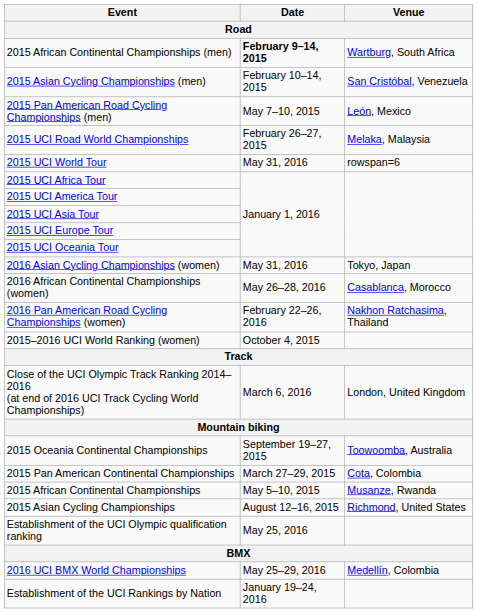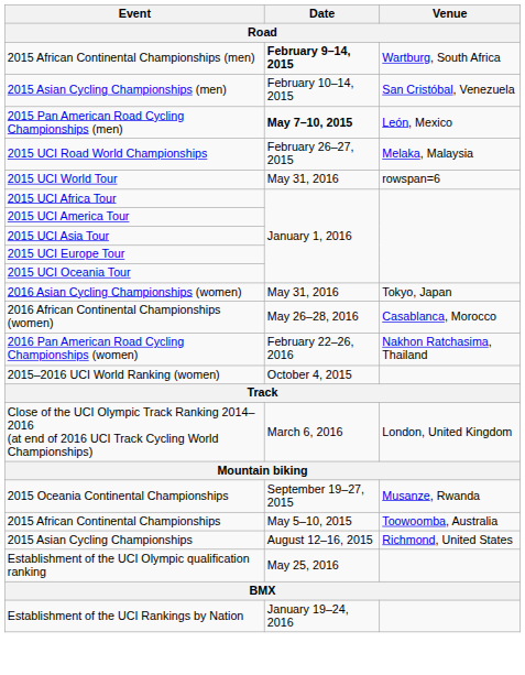 <table class="wikitable" style="width:700px;">
 <tr>
 <th>Event</th>
 <th>Date</th>
 <th>Venue</th>
 </tr>
 <tr>
 <th colspan=3>Road</th>
 </tr>
 <tr>
 <td>2015 African Continental Championships (men)</td>
 <td><strong>February 9–14, 2015</strong></td>
 <td> <a href='#'>Wartburg</a>, South Africa</td>
 </tr>
 <tr>
 <td><a href='#'>2015 Asian Cycling Championships</a> (men)</td>
 <td>February 10–14, 2015</td>
 <td> <a href='#'>San Cristóbal</a>, Venezuela</td>
 </tr>
 <tr>
 <td><a href='#'>2015 Pan American Road Cycling Championships</a> (men)</td>
-<td>May 7–10, 2015</td>
+<td><strong>May 7–10, 2015</strong></td>
 <td> <a href='#'>León</a>, Mexico</td>
 </tr>
 <tr>
 <td><a href='#'>2015 UCI Road World Championships</a></td>
 <td>February 26–27, 2015</td>
 <td> <a href='#'>Melaka</a>, Malaysia</td>
 </tr>
 <tr>
 <td><a href='#'>2015 UCI World Tour</a></td>
 <td>May 31, 2016</td>
 <td>rowspan=6 </td>
 </tr>
 <tr>
 <td><a href='#'>2015 UCI Africa Tour</a></td>
 <td rowspan=5>January 1, 2016</td>
 </tr>
 <tr>
 <td><a href='#'>2015 UCI America Tour</a></td>
 </tr>
 <tr>
 <td><a href='#'>2015 UCI Asia Tour</a></td>
 </tr>
 <tr>
 <td><a href='#'>2015 UCI Europe Tour</a></td>
 </tr>
 <tr>
 <td><a href='#'>2015 UCI Oceania Tour</a></td>
 </tr>
 <tr>
 <td><a href='#'>2016 Asian Cycling Championships</a> (women)</td>
 <td>May 31, 2016</td>
 <td> Tokyo, Japan</td>
 </tr>
 <tr>
 <td>2016 African Continental Championships (women)</td>
 <td>May 26–28, 2016</td>
 <td> <a href='#'>Casablanca</a>, Morocco</td>
 </tr>
 <tr>
 <td><a href='#'>2016 Pan American Road Cycling Championships</a> (women)</td>
 <td>February 22–26, 2016</td>
 <td> <a href='#'>Nakhon Ratchasima</a>, Thailand</td>
 </tr>
 <tr>
 <td>2015–2016 UCI World Ranking (women)</td>
 <td>October 4, 2015</td>
 <td></td>
 </tr>
 <tr>
 <th colspan=3>Track</th>
 </tr>
 <tr>
 <td>Close of the UCI Olympic Track Ranking 2014–2016<br>(at end of 2016 UCI Track Cycling World Championships)</td>
 <td>March 6, 2016</td>
 <td> London, United Kingdom</td>
 </tr>
 <tr>
 <th colspan=3>Mountain biking</th>
 </tr>
 <tr>
 <td>2015 Oceania Continental Championships</td>
 <td>September 19–27, 2015</td>
-<td> <a href='#'>Toowoomba</a>, Australia</td>
-</tr>
-<tr>
-<td>2015 Pan American Continental Championships</td>
-<td>March 27–29, 2015</td>
-<td> <a href='#'>Cota</a>, Colombia</td>
+<td> <a href='#'>Musanze</a>, Rwanda</td>
 </tr>
 <tr>
 <td>2015 African Continental Championships</td>
 <td>May 5–10, 2015</td>
-<td> <a href='#'>Musanze</a>, Rwanda</td>
+<td> <a href='#'>Toowoomba</a>, Australia</td>
 </tr>
 <tr>
 <td>2015 Asian Cycling Championships</td>
 <td>August 12–16, 2015</td>
 <td> <a href='#'>Richmond</a>, United States</td>
 </tr>
 <tr>
 <td>Establishment of the UCI Olympic qualification ranking</td>
 <td>May 25, 2016</td>
 <td></td>
 </tr>
 <tr>
 <th colspan=3>BMX</th>
 </tr>
 <tr>
-<td><a href='#'>2016 UCI BMX World Championships</a></td>
-<td>May 25–29, 2016</td>
-<td> <a href='#'>Medellín</a>, Colombia</td>
-</tr>
-<tr>
 <td>Establishment of the UCI Rankings by Nation</td>
 <td>January 19–24, 2016</td>
 <td></td>
 </tr>
 </table>
